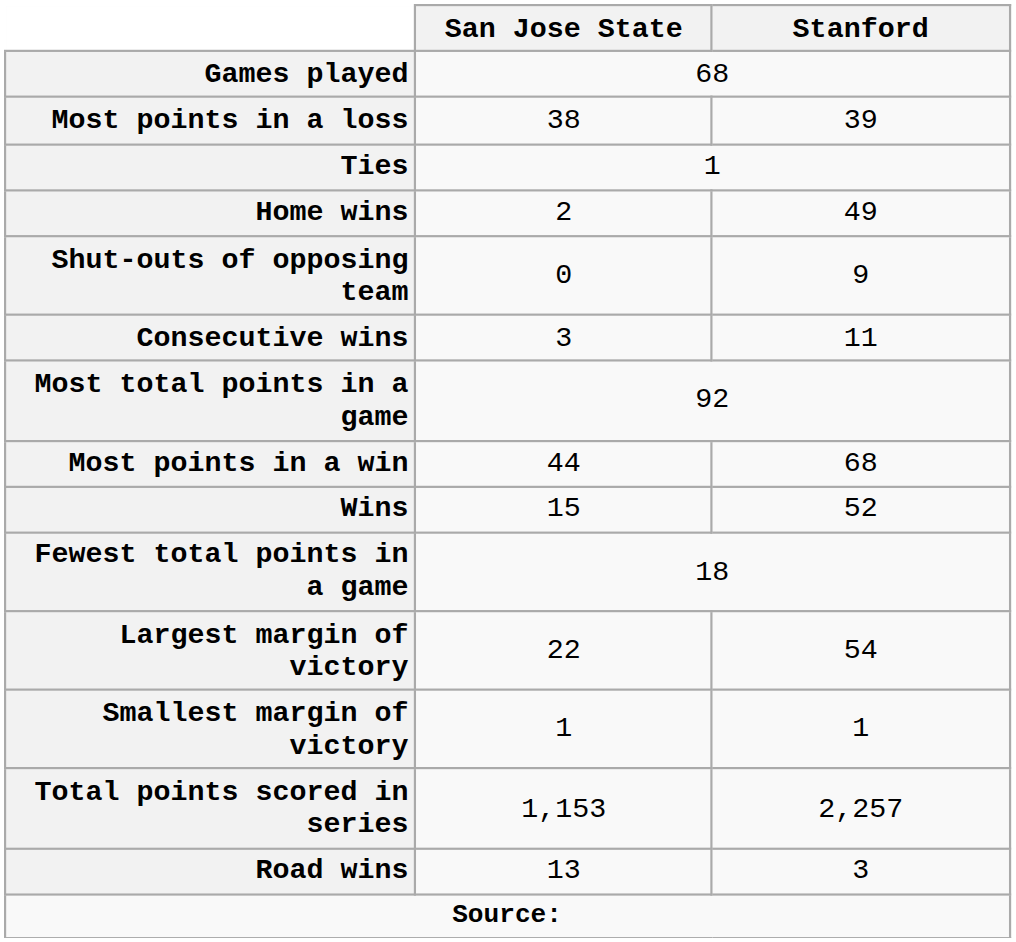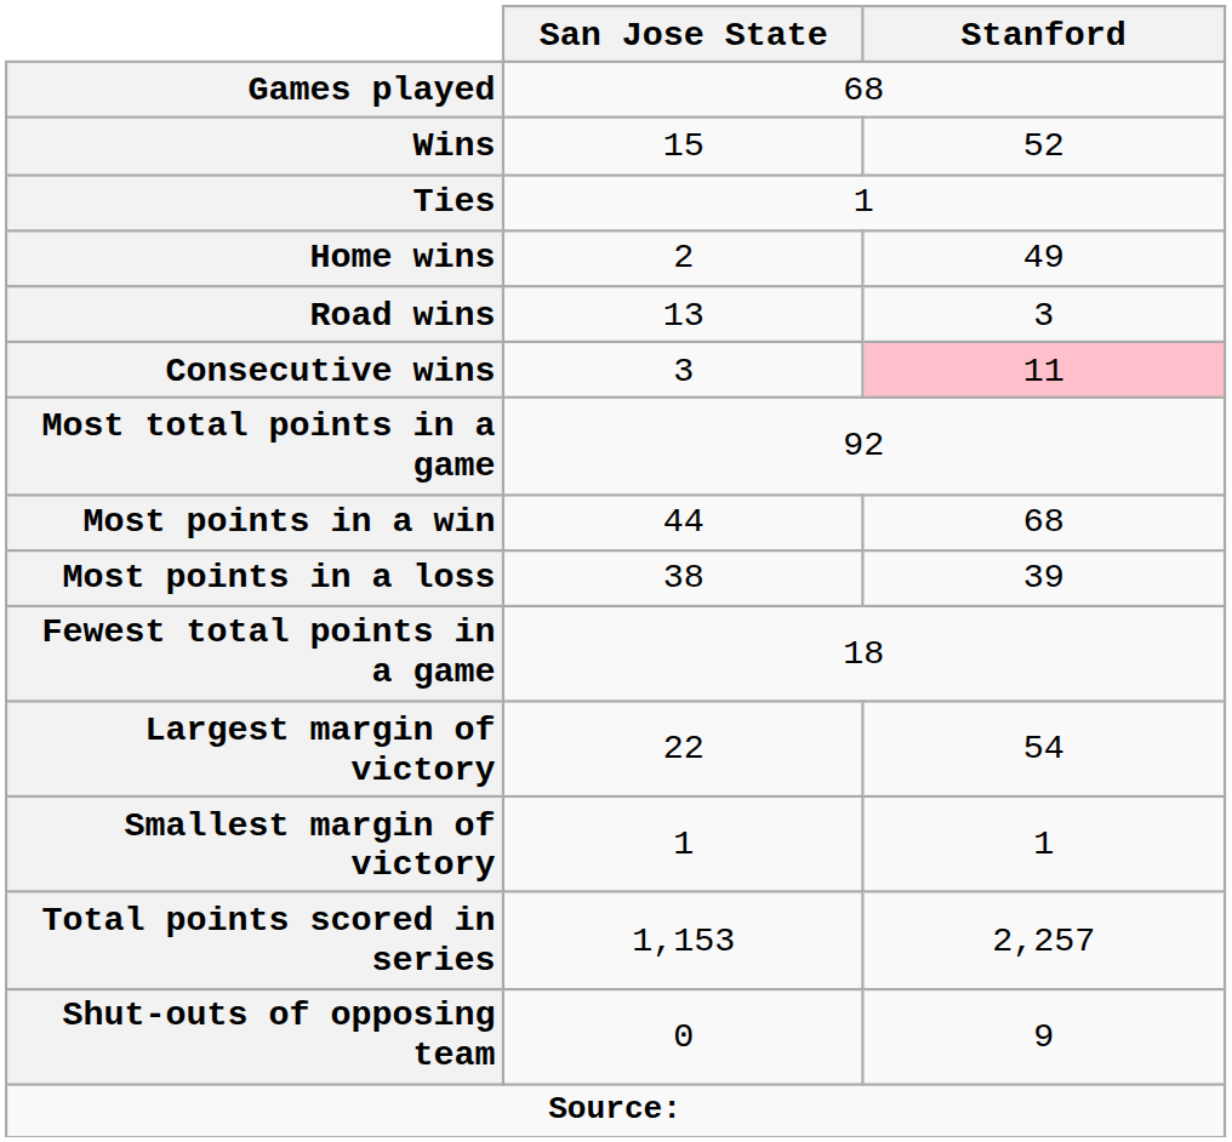 <table class="wikitable" style="border-collapse: collapse; text-align: center;">
 <tr>
 <td scope="row" style="background-color: #fff; border-top: 1px solid #fff; border-left: 1px solid #fff;"></td>
 <th style="width: 10em;">San Jose State</th>
 <th style="width: 10em;">Stanford</th>
 </tr>
 <tr>
 <th style="text-align: right; width: 14em;">Games played</th>
 <td colspan="2" style="text-align: center;">68</td>
 </tr>
 <tr>
-<th style="text-align: right; width: 14em;">Most points in a loss</th>
-<td>38</td>
-<td>39</td>
+<th style="text-align: right; width: 14em;">Wins</th>
+<td>15</td>
+<td>52</td>
 </tr>
 <tr>
 <th style="text-align: right; width: 14em;">Ties</th>
 <td colspan="2" style="text-align: center;">1</td>
 </tr>
 <tr>
 <th style="text-align: right; width: 14em;">Home wins</th>
 <td>2</td>
 <td>49</td>
 </tr>
 <tr>
-<th style="text-align: right; width: 14em;">Shut-outs of opposing team</th>
-<td>0</td>
-<td>9</td>
+<th style="text-align: right; width: 14em;">Road wins</th>
+<td>13</td>
+<td>3</td>
 </tr>
 <tr>
 <th style="text-align: right; width: 14em;">Consecutive wins</th>
 <td>3</td>
-<td>11</td>
+<td style="background: pink;">11</td>
 </tr>
 <tr>
 <th style="text-align: right; width: 14em;">Most total points in a game</th>
 <td colspan="2" style="text-align: center;">92</td>
 </tr>
 <tr>
 <th style="text-align: right; width: 14em;">Most points in a win</th>
 <td>44</td>
 <td>68</td>
 </tr>
 <tr>
-<th style="text-align: right; width: 14em;">Wins</th>
-<td>15</td>
-<td>52</td>
+<th style="text-align: right; width: 14em;">Most points in a loss</th>
+<td>38</td>
+<td>39</td>
 </tr>
 <tr>
 <th style="text-align: right; width: 14em;">Fewest total points in a game</th>
 <td colspan="2" style="text-align: center;">18</td>
 </tr>
 <tr>
 <th style="text-align: right; width: 14em;">Largest margin of victory</th>
 <td>22</td>
 <td>54</td>
 </tr>
 <tr>
 <th style="text-align: right; width: 14em;">Smallest margin of victory</th>
 <td>1</td>
 <td>1</td>
 </tr>
 <tr>
 <th style="text-align: right; width: 14em;">Total points scored in series</th>
 <td>1,153</td>
 <td>2,257</td>
 </tr>
 <tr>
-<th style="text-align: right; width: 14em;">Road wins</th>
-<td>13</td>
-<td>3</td>
+<th style="text-align: right; width: 14em;">Shut-outs of opposing team</th>
+<td>0</td>
+<td>9</td>
 </tr>
 <tr>
 <td colspan="3" style="font-size: small; width: 34em;"><strong>Source:</strong> </td>
 </tr>
 </table>
